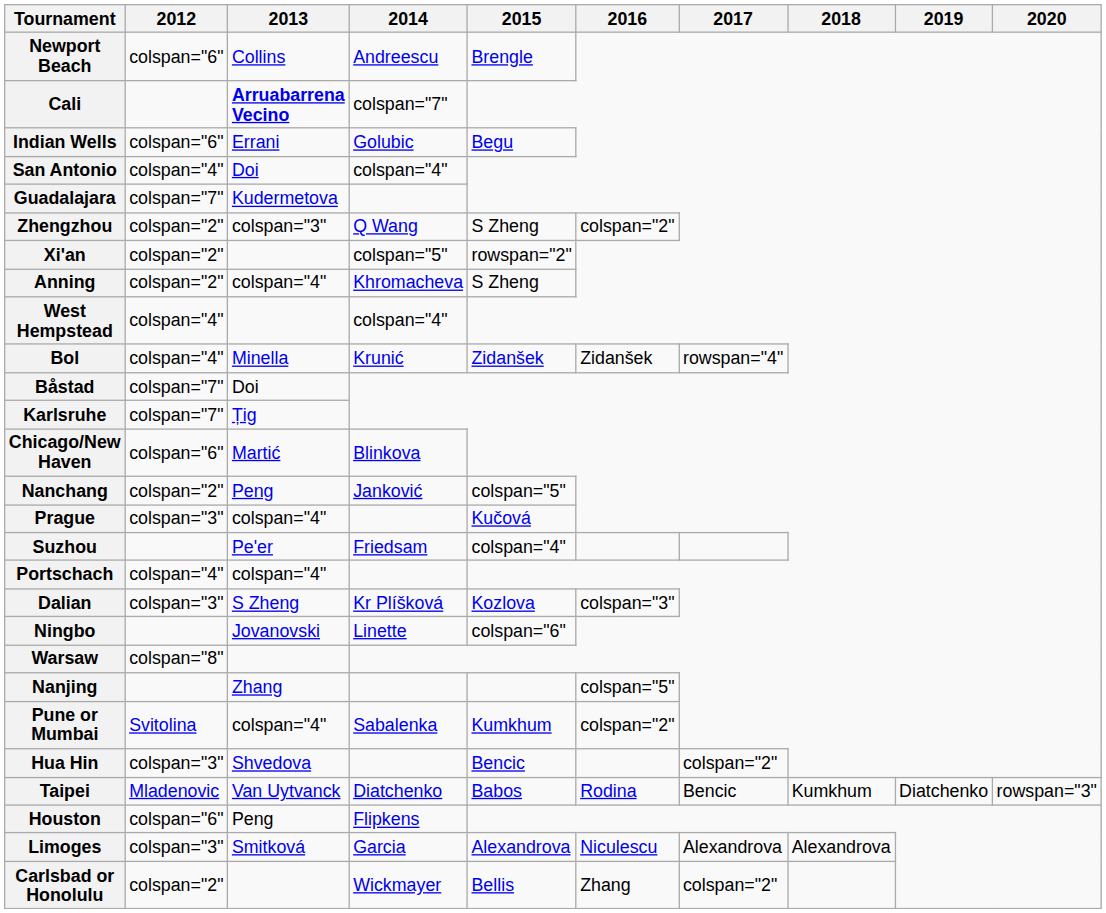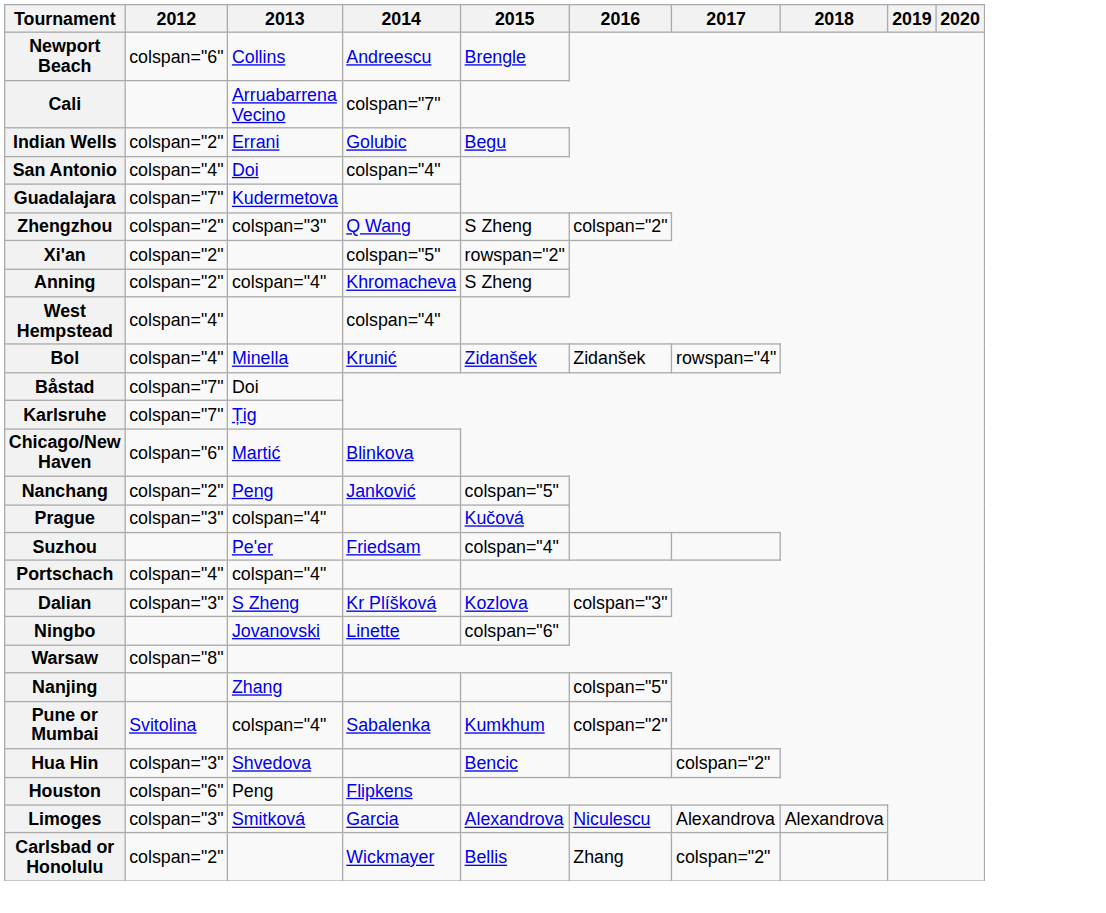 <table class=wikitable style="font-size: 85%">
 <tr>
 <th scope="col">Tournament</th>
 <th scope="col">2012</th>
 <th scope="col">2013</th>
 <th scope="col">2014</th>
 <th scope="col">2015</th>
 <th scope="col">2016</th>
 <th scope="col">2017</th>
 <th scope="col">2018</th>
 <th scope="col">2019</th>
 <th scope="col">2020</th>
 </tr>
 <tr>
 <th scope="row">Newport Beach</th>
 <td>colspan="6" </td>
 <td> <a href='#'>Collins</a></td>
 <td> <a href='#'>Andreescu</a></td>
 <td> <a href='#'>Brengle</a></td>
 </tr>
 <tr>
 <th scope="row">Cali</th>
 <td></td>
-<td><strong> <a href='#'>Arruabarrena Vecino</a></strong></td>
+<td> <a href='#'>Arruabarrena Vecino</a></td>
 <td>colspan="7" </td>
 </tr>
 <tr>
 <th scope="row">Indian Wells</th>
-<td>colspan="6" </td>
+<td>colspan="2" </td>
 <td> <a href='#'>Errani</a></td>
 <td> <a href='#'>Golubic</a></td>
 <td> <a href='#'>Begu</a></td>
 </tr>
 <tr>
 <th scope="row">San Antonio</th>
 <td>colspan="4" </td>
 <td> <a href='#'>Doi</a></td>
 <td>colspan="4" </td>
 </tr>
 <tr>
 <th scope="row">Guadalajara</th>
 <td>colspan="7" </td>
 <td> <a href='#'>Kudermetova</a></td>
 <td></td>
 </tr>
 <tr>
 <th scope="row">Zhengzhou</th>
 <td>colspan="2" </td>
 <td>colspan="3" </td>
 <td> <a href='#'>Q Wang</a></td>
 <td> S Zheng</td>
 <td>colspan="2" </td>
 </tr>
 <tr>
 <th scope="row">Xi'an</th>
 <td>colspan="2" </td>
 <td></td>
 <td>colspan="5" </td>
 <td>rowspan="2" </td>
 </tr>
 <tr>
 <th scope="row">Anning</th>
 <td>colspan="2" </td>
 <td>colspan="4" </td>
 <td> <a href='#'>Khromacheva</a></td>
 <td> S Zheng</td>
 </tr>
 <tr>
 <th scope="row">West Hempstead</th>
 <td>colspan="4" </td>
 <td></td>
 <td>colspan="4" </td>
 </tr>
 <tr>
 <th scope="row">Bol</th>
 <td>colspan="4" </td>
 <td> <a href='#'>Minella</a></td>
 <td> <a href='#'>Krunić</a></td>
 <td> <a href='#'>Zidanšek</a></td>
 <td> Zidanšek</td>
 <td>rowspan="4" </td>
 </tr>
 <tr>
 <th scope="row">Båstad</th>
 <td>colspan="7" </td>
 <td> Doi</td>
 </tr>
 <tr>
 <th scope="row">Karlsruhe</th>
 <td>colspan="7" </td>
 <td> <a href='#'>Țig</a></td>
 </tr>
 <tr>
 <th scope="row">Chicago/New Haven</th>
 <td>colspan="6" </td>
 <td> <a href='#'>Martić</a></td>
 <td> <a href='#'>Blinkova</a></td>
 </tr>
 <tr>
 <th scope="row">Nanchang</th>
 <td>colspan="2" </td>
 <td> <a href='#'>Peng</a></td>
 <td> <a href='#'>Janković</a></td>
 <td>colspan="5" </td>
 </tr>
 <tr>
 <th scope="row">Prague</th>
 <td>colspan="3" </td>
 <td>colspan="4" </td>
 <td></td>
 <td> <a href='#'>Kučová</a></td>
 </tr>
 <tr>
 <th scope="row">Suzhou</th>
 <td></td>
 <td> <a href='#'>Pe'er</a></td>
 <td> <a href='#'>Friedsam</a></td>
 <td>colspan="4" </td>
 <td></td>
 <td></td>
 </tr>
 <tr>
 <th scope="row">Portschach</th>
 <td>colspan="4" </td>
 <td>colspan="4" </td>
 <td></td>
 </tr>
 <tr>
 <th scope="row">Dalian</th>
 <td>colspan="3" </td>
 <td> <a href='#'>S Zheng</a></td>
 <td> <a href='#'>Kr Plíšková</a></td>
 <td> <a href='#'>Kozlova</a></td>
 <td>colspan="3" </td>
 </tr>
 <tr>
 <th scope="row">Ningbo</th>
 <td></td>
 <td> <a href='#'>Jovanovski</a></td>
 <td> <a href='#'>Linette</a></td>
 <td>colspan="6" </td>
 </tr>
 <tr>
 <th scope="row">Warsaw</th>
 <td>colspan="8" </td>
 <td></td>
 </tr>
 <tr>
 <th scope="row">Nanjing</th>
 <td></td>
 <td> <a href='#'>Zhang</a></td>
 <td></td>
 <td></td>
 <td>colspan="5" </td>
 </tr>
 <tr>
 <th scope="row">Pune or Mumbai</th>
 <td> <a href='#'>Svitolina</a></td>
 <td>colspan="4" </td>
 <td> <a href='#'>Sabalenka</a></td>
 <td> <a href='#'>Kumkhum</a></td>
 <td>colspan="2" </td>
 </tr>
 <tr>
 <th scope="row">Hua Hin</th>
 <td>colspan="3" </td>
 <td> <a href='#'>Shvedova</a></td>
 <td></td>
 <td> <a href='#'>Bencic</a></td>
 <td></td>
 <td>colspan="2" </td>
 </tr>
 <tr>
-<th scope="row">Taipei</th>
-<td> <a href='#'>Mladenovic</a></td>
-<td> <a href='#'>Van Uytvanck</a></td>
-<td> <a href='#'>Diatchenko</a></td>
-<td> <a href='#'>Babos</a></td>
-<td> <a href='#'>Rodina</a></td>
-<td> Bencic</td>
-<td> Kumkhum</td>
-<td> Diatchenko</td>
-<td>rowspan="3" </td>
-</tr>
-<tr>
 <th scope="row">Houston</th>
 <td>colspan="6" </td>
 <td> Peng</td>
 <td> <a href='#'>Flipkens</a></td>
 </tr>
 <tr>
 <th scope="row">Limoges</th>
 <td>colspan="3" </td>
 <td> <a href='#'>Smitková</a></td>
 <td> <a href='#'>Garcia</a></td>
 <td> <a href='#'>Alexandrova</a></td>
 <td> <a href='#'>Niculescu</a></td>
 <td> Alexandrova</td>
 <td> Alexandrova</td>
 </tr>
 <tr>
 <th scope="row">Carlsbad or Honolulu</th>
 <td>colspan="2" </td>
 <td></td>
 <td> <a href='#'>Wickmayer</a></td>
 <td> <a href='#'>Bellis</a></td>
 <td> Zhang</td>
 <td>colspan="2" </td>
 <td></td>
 </tr>
 </table>
